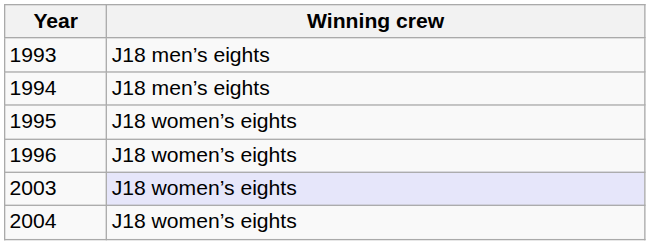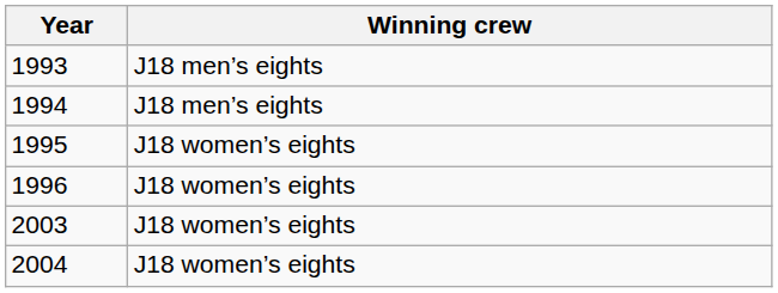 <table class="wikitable">
 <tr>
 <th width=70>Year</th>
 <th width=400>Winning crew</th>
 </tr>
 <tr>
 <td>1993 </td>
 <td>J18 men’s eights</td>
 </tr>
 <tr>
 <td>1994</td>
 <td>J18 men’s eights</td>
 </tr>
 <tr>
 <td>1995</td>
 <td>J18 women’s eights</td>
 </tr>
 <tr>
 <td>1996</td>
 <td>J18 women’s eights</td>
 </tr>
 <tr>
 <td>2003</td>
-<td style="background: lavender;">J18 women’s eights</td>
+<td>J18 women’s eights</td>
 </tr>
 <tr>
 <td>2004</td>
 <td>J18 women’s eights</td>
 </tr>
 </table>
